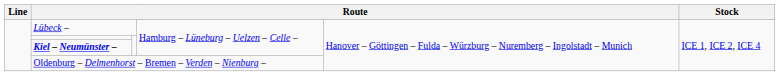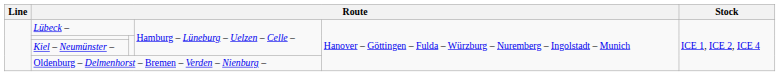 <table class="wikitable" width="100%">
 <tr class="hintergrundfarbe5">
 <th>Line</th>
 <th colspan="4">Route</th>
 <th>Stock</th>
 </tr>
 <tr>
 <td rowspan="4"></td>
 <td colspan=2><em><a href='#'>Lübeck</a> –</em></td>
 <td rowspan="3"><a href='#'>Hamburg</a> –  <em><a href='#'>Lüneburg</a> – <a href='#'>Uelzen</a> – <a href='#'>Celle</a> –</em></td>
 <td rowspan="4"><a href='#'>Hanover</a> – <a href='#'>Göttingen</a> –  <a href='#'>Fulda</a> – <a href='#'>Würzburg</a> – <a href='#'>Nuremberg</a> – <a href='#'>Ingolstadt</a> – <a href='#'>Munich</a></td>
 <td rowspan="4"><a href='#'>ICE 1</a>, <a href='#'>ICE 2</a>, <a href='#'>ICE 4</a></td>
 </tr>
 <tr>
 <td></td>
 <td rowspan=2></td>
 </tr>
 <tr>
-<td><strong><em><a href='#'>Kiel</a> – <a href='#'>Neumünster</a> –</em></strong></td>
+<td><em><a href='#'>Kiel</a> – <a href='#'>Neumünster</a> –</em></td>
 </tr>
 <tr>
 <td colspan="3"><a href='#'>Oldenburg</a> – <em><a href='#'>Delmenhorst</a></em> – <a href='#'>Bremen</a> – <em><a href='#'>Verden</a> – <a href='#'>Nienburg</a></em> –</td>
 </tr>
 </table>
